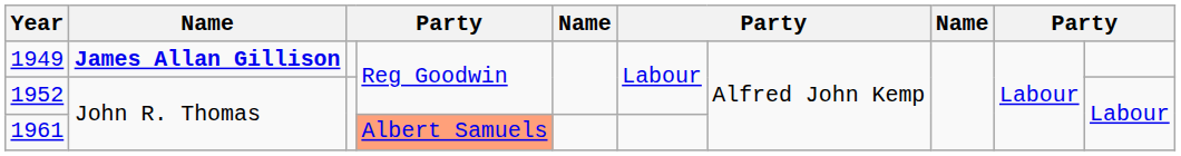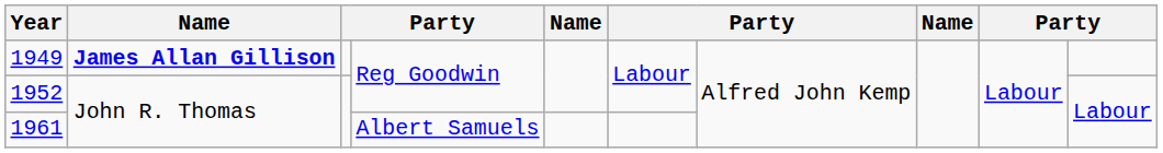 <table class="wikitable">
 <tr>
 <th>Year</th>
 <th>Name</th>
 <th colspan=2>Party</th>
 <th>Name</th>
 <th colspan=2>Party</th>
 <th>Name</th>
 <th colspan=2>Party</th>
 </tr>
 <tr>
 <td><a href='#'>1949</a></td>
 <td><strong><a href='#'>James Allan Gillison</a></strong></td>
 <td></td>
 <td rowspan=2><a href='#'>Reg Goodwin</a></td>
 <td rowspan=2 style="background-color: "></td>
 <td rowspan=2><a href='#'>Labour</a></td>
 <td rowspan=3>Alfred John Kemp</td>
 <td rowspan=3 style="background-color: "></td>
 <td rowspan=3><a href='#'>Labour</a></td>
 </tr>
 <tr>
 <td><a href='#'>1952</a></td>
 <td rowspan=2>John R. Thomas</td>
 <td rowspan=2 style="background-color: "></td>
 <td rowspan=2><a href='#'>Labour</a></td>
 </tr>
 <tr>
 <td><a href='#'>1961</a></td>
-<td style="background: lightsalmon;"><a href='#'>Albert Samuels</a></td>
+<td><a href='#'>Albert Samuels</a></td>
 <td></td>
 </tr>
 </table>
